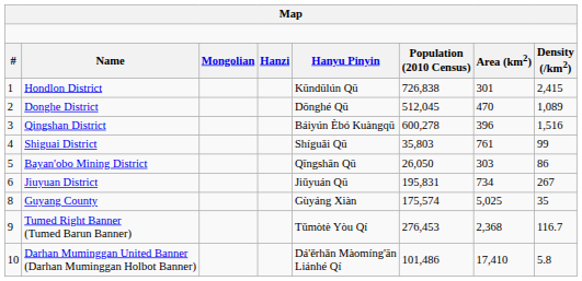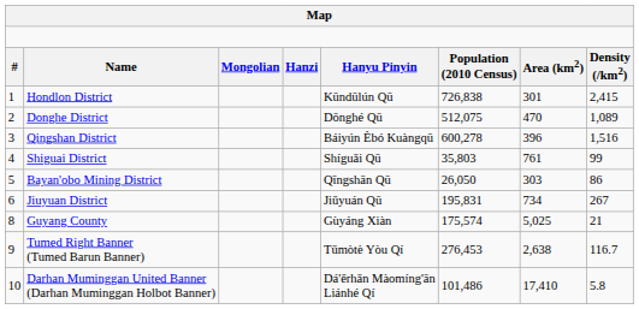 <table class="wikitable"  style="font-size:90%;" align=center>
 <tr>
 <th colspan="8">Map</th>
 </tr>
 <tr>
 <td colspan="8" align="center"><div><br>            </div></td>
 </tr>
 <tr --------->
 <th>#</th>
 <th>Name</th>
 <th><a href='#'>Mongolian</a></th>
 <th><a href='#'>Hanzi</a></th>
 <th><a href='#'>Hanyu Pinyin</a></th>
 <th>Population<br>(2010 Census)</th>
 <th>Area (km<sup>2</sup>)</th>
 <th>Density<br>(/km<sup>2</sup>)</th>
 </tr>
 <tr --------->
 <td>1</td>
 <td><a href='#'>Hondlon District</a></td>
 <td><br></td>
 <td></td>
 <td>Kūndūlún Qū</td>
 <td>726,838</td>
 <td>301</td>
 <td>2,415</td>
 </tr>
 <tr --------->
 <td>2</td>
 <td><a href='#'>Donghe District</a></td>
 <td><br></td>
 <td></td>
 <td>Dōnghé Qū</td>
-<td>512,045</td>
+<td>512,075</td>
 <td>470</td>
 <td>1,089</td>
 </tr>
 <tr --------->
 <td>3</td>
 <td><a href='#'>Qingshan District</a></td>
 <td><br></td>
 <td></td>
 <td>Báiyún Èbó Kuàngqū</td>
 <td>600,278</td>
 <td>396</td>
 <td>1,516</td>
 </tr>
 <tr --------->
 <td>4</td>
 <td><a href='#'>Shiguai District</a></td>
 <td><br></td>
 <td></td>
 <td>Shíguǎi Qū</td>
 <td>35,803</td>
 <td>761</td>
 <td>99</td>
 </tr>
 <tr --------->
 <td>5</td>
 <td><a href='#'>Bayan'obo Mining District</a></td>
 <td><br></td>
 <td></td>
 <td>Qīngshān Qū</td>
 <td>26,050</td>
 <td>303</td>
 <td>86</td>
 </tr>
 <tr --------->
 <td>6</td>
 <td><a href='#'>Jiuyuan District</a></td>
 <td><br></td>
 <td></td>
 <td>Jiǔyuán Qū</td>
 <td>195,831</td>
 <td>734</td>
 <td>267</td>
 </tr>
 <tr --------->
 <td>8</td>
 <td><a href='#'>Guyang County</a></td>
 <td><br></td>
 <td></td>
 <td>Gùyáng Xiàn</td>
 <td>175,574</td>
 <td>5,025</td>
-<td>35</td>
+<td>21</td>
 </tr>
 <tr --------->
 <td>9</td>
 <td><a href='#'>Tumed Right Banner</a><br>(Tumed Barun Banner)</td>
 <td><br></td>
 <td></td>
 <td>Tǔmòtè Yòu Qí</td>
 <td>276,453</td>
-<td>2,368</td>
+<td>2,638</td>
 <td>116.7</td>
 </tr>
 <tr --------->
 <td>10</td>
 <td><a href='#'>Darhan Muminggan United Banner</a><br>(Darhan Muminggan Holbot Banner)</td>
 <td><br></td>
 <td><br></td>
 <td>Dá'ěrhǎn Màomíng'ān<br>Liánhé Qí</td>
 <td>101,486</td>
 <td>17,410</td>
 <td>5.8</td>
 </tr>
 </table>
